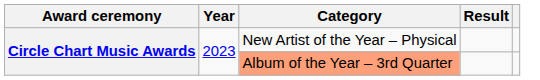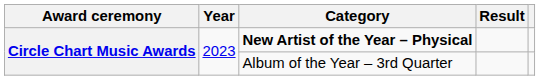 <table class="wikitable plainrowheaders" style="text-align:center">
 <tr>
 <th scope="col">Award ceremony </th>
 <th scope="col">Year</th>
 <th scope="col">Category </th>
 <th scope="col">Result</th>
 <th scope="col" class="unsortable"></th>
 </tr>
 <tr>
 <th scope="row" rowspan="2"><a href='#'>Circle Chart Music Awards</a></th>
 <td rowspan="2"><a href='#'>2023</a></td>
-<td style="text-align:left">New Artist of the Year – Physical</td>
+<td style="text-align:left"><strong>New Artist of the Year – Physical</strong></td>
 <td></td>
 <td></td>
 </tr>
 <tr>
-<td style="background: lightsalmon; text-align:left">Album of the Year – 3rd Quarter</td>
+<td style="text-align:left">Album of the Year – 3rd Quarter</td>
 <td></td>
 <td></td>
 </tr>
 </table>
